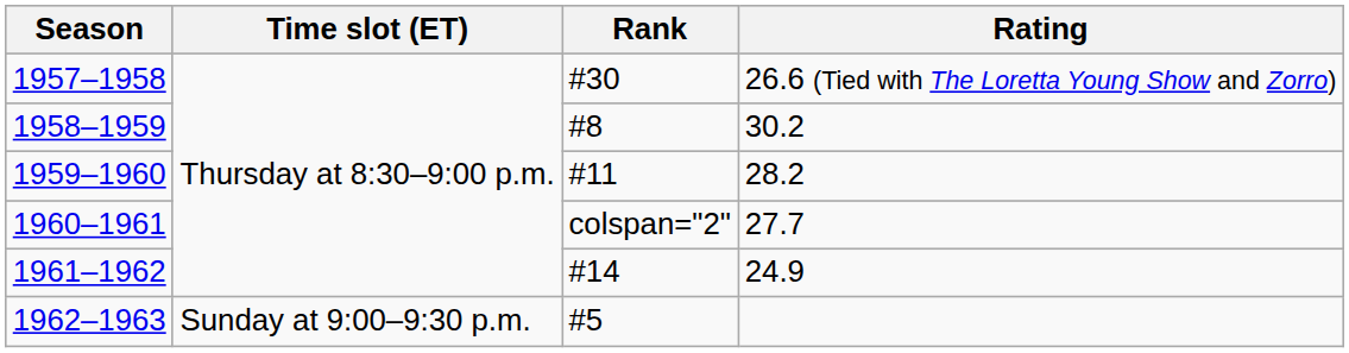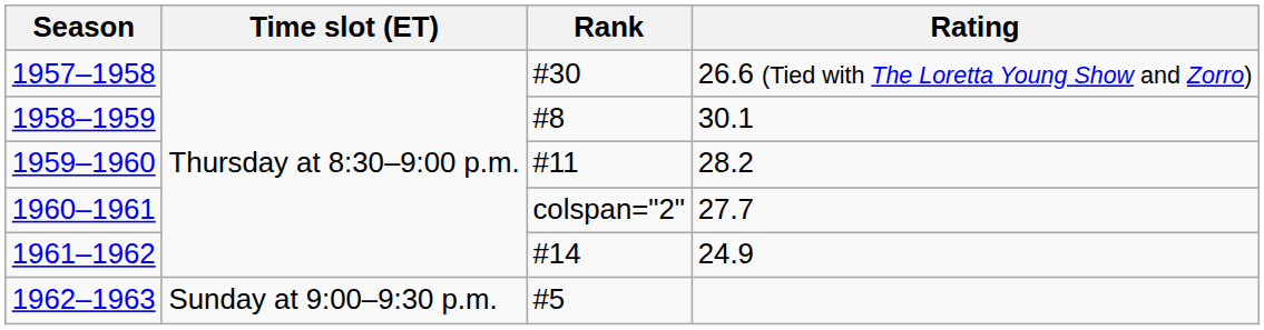 <table class="wikitable">
 <tr>
 <th>Season</th>
 <th>Time slot (ET)</th>
 <th>Rank</th>
 <th>Rating</th>
 </tr>
 <tr>
 <td><a href='#'>1957–1958</a></td>
 <td rowspan="5">Thursday at 8:30–9:00 p.m.</td>
 <td>#30</td>
 <td>26.6 <small>(Tied with <em><a href='#'>The Loretta Young Show</a></em> and <em><a href='#'>Zorro</a></em>)</small></td>
 </tr>
 <tr>
 <td><a href='#'>1958–1959</a></td>
 <td>#8</td>
-<td>30.2</td>
+<td>30.1</td>
 </tr>
 <tr>
 <td><a href='#'>1959–1960</a></td>
 <td>#11</td>
 <td>28.2</td>
 </tr>
 <tr>
 <td><a href='#'>1960–1961</a></td>
 <td>colspan="2" </td>
 <td>27.7</td>
 </tr>
 <tr>
 <td><a href='#'>1961–1962</a></td>
 <td>#14</td>
 <td>24.9</td>
 </tr>
 <tr>
 <td><a href='#'>1962–1963</a></td>
 <td>Sunday at 9:00–9:30 p.m.</td>
 <td>#5</td>
 </tr>
 </table>
